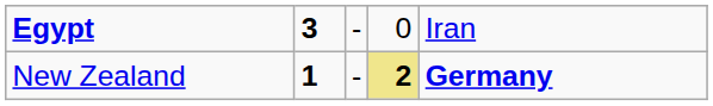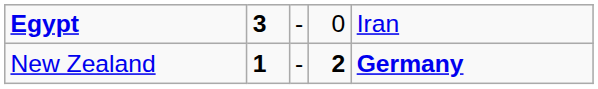 <table class="wikitable">
 <tr>
 <td width=150> <strong><a href='#'>Egypt</a></strong></td>
 <td style="width:20px; text-align:left;"><strong>3</strong></td>
 <td>-</td>
 <td style="width:20px; text-align:right;">0</td>
 <td width=150> <a href='#'>Iran</a></td>
 </tr>
 <tr>
 <td> <a href='#'>New Zealand</a></td>
 <td style="text-align:left;"><strong>1</strong></td>
 <td>-</td>
-<td style="background: khaki; text-align:right;"><strong>2</strong></td>
+<td style="text-align:right;"><strong>2</strong></td>
 <td> <strong><a href='#'>Germany</a></strong></td>
 </tr>
 </table>
